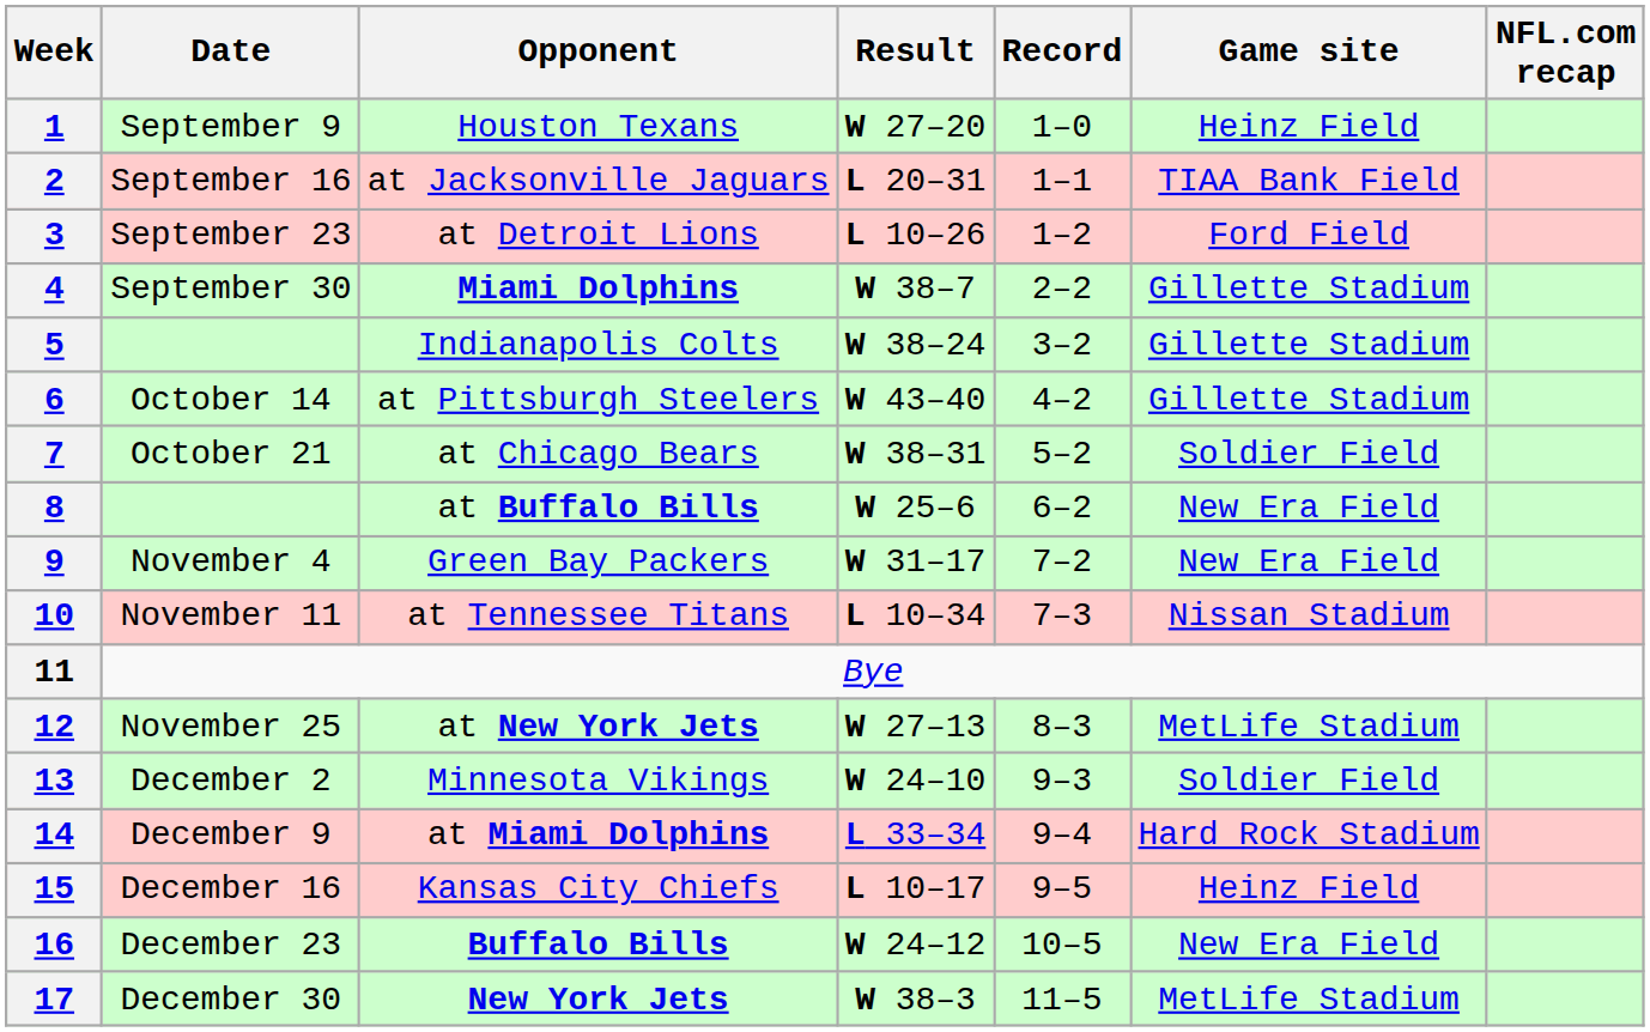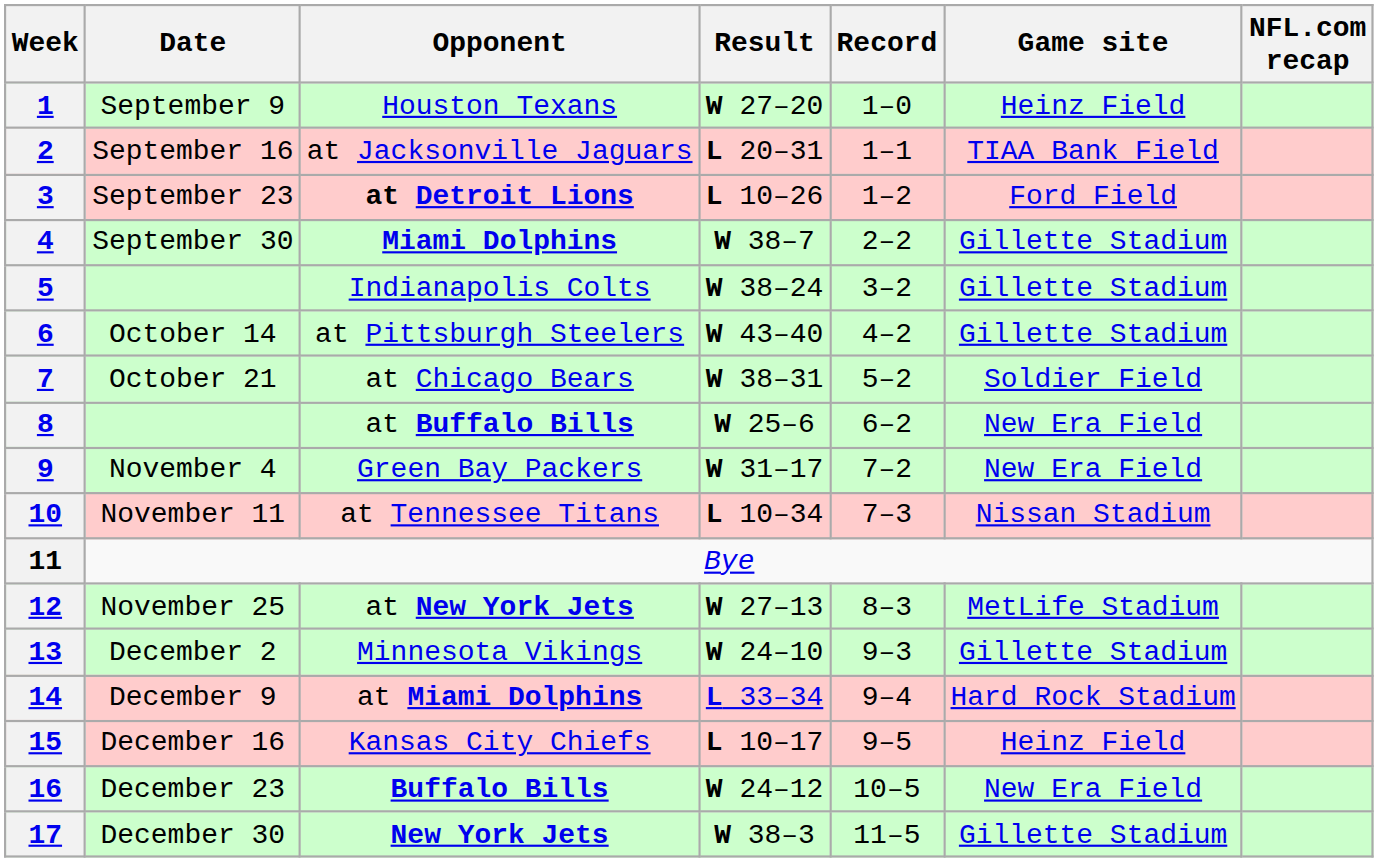 <table class="wikitable" style="text-align:center">
 <tr>
 <th>Week</th>
 <th>Date</th>
 <th>Opponent</th>
 <th>Result</th>
 <th>Record</th>
 <th>Game site</th>
 <th>NFL.com<br>recap</th>
 </tr>
 <tr style="background:#cfc">
 <th><a href='#'>1</a></th>
 <td>September 9</td>
 <td><a href='#'>Houston Texans</a></td>
 <td><strong>W</strong> 27–20</td>
 <td>1–0</td>
 <td><a href='#'>Heinz Field</a></td>
 <td></td>
 </tr>
 <tr style="background:#fcc">
 <th><a href='#'>2</a></th>
 <td>September 16</td>
 <td>at <a href='#'>Jacksonville Jaguars</a></td>
 <td><strong>L</strong> 20–31</td>
 <td>1–1</td>
 <td><a href='#'>TIAA Bank Field</a></td>
 <td></td>
 </tr>
 <tr style="background:#fcc">
 <th><a href='#'>3</a></th>
 <td>September 23</td>
-<td>at <a href='#'>Detroit Lions</a></td>
+<td><strong>at <a href='#'>Detroit Lions</a></strong></td>
 <td><strong>L</strong> 10–26</td>
 <td>1–2</td>
 <td><a href='#'>Ford Field</a></td>
 <td></td>
 </tr>
 <tr style="background:#cfc">
 <th><a href='#'>4</a></th>
 <td>September 30</td>
 <td><strong><a href='#'>Miami Dolphins</a></strong></td>
 <td><strong>W</strong> 38–7</td>
 <td>2–2</td>
 <td><a href='#'>Gillette Stadium</a></td>
 <td></td>
 </tr>
 <tr style="background:#cfc">
 <th><a href='#'>5</a></th>
 <td></td>
 <td><a href='#'>Indianapolis Colts</a></td>
 <td><strong>W</strong> 38–24</td>
 <td>3–2</td>
 <td><a href='#'>Gillette Stadium</a></td>
 <td></td>
 </tr>
 <tr style="background:#cfc">
 <th><a href='#'>6</a></th>
 <td>October 14</td>
 <td>at <a href='#'>Pittsburgh Steelers</a></td>
 <td><strong>W</strong> 43–40</td>
 <td>4–2</td>
 <td><a href='#'>Gillette Stadium</a></td>
 <td></td>
 </tr>
 <tr style="background:#cfc">
 <th><a href='#'>7</a></th>
 <td>October 21</td>
 <td>at <a href='#'>Chicago Bears</a></td>
 <td><strong>W</strong> 38–31</td>
 <td>5–2</td>
 <td><a href='#'>Soldier Field</a></td>
 <td></td>
 </tr>
 <tr style="background:#cfc">
 <th><a href='#'>8</a></th>
 <td></td>
 <td>at <strong><a href='#'>Buffalo Bills</a></strong></td>
 <td><strong>W</strong> 25–6</td>
 <td>6–2</td>
 <td><a href='#'>New Era Field</a></td>
 <td></td>
 </tr>
 <tr style="background:#cfc">
 <th><a href='#'>9</a></th>
 <td>November 4</td>
 <td><a href='#'>Green Bay Packers</a></td>
 <td><strong>W</strong> 31–17</td>
 <td>7–2</td>
 <td><a href='#'>New Era Field</a></td>
 <td></td>
 </tr>
 <tr style="background:#fcc">
 <th><a href='#'>10</a></th>
 <td>November 11</td>
 <td>at <a href='#'>Tennessee Titans</a></td>
 <td><strong>L</strong> 10–34</td>
 <td>7–3</td>
 <td><a href='#'>Nissan Stadium</a></td>
 <td></td>
 </tr>
 <tr>
 <th>11</th>
 <td colspan=6><em><a href='#'>Bye</a></em></td>
 </tr>
 <tr style="background:#cfc">
 <th><a href='#'>12</a></th>
 <td>November 25</td>
 <td>at <strong><a href='#'>New York Jets</a></strong></td>
 <td><strong>W</strong> 27–13</td>
 <td>8–3</td>
 <td><a href='#'>MetLife Stadium</a></td>
 <td></td>
 </tr>
 <tr style="background:#cfc">
 <th><a href='#'>13</a></th>
 <td>December 2</td>
 <td><a href='#'>Minnesota Vikings</a></td>
 <td><strong>W</strong> 24–10</td>
 <td>9–3</td>
-<td><a href='#'>Soldier Field</a></td>
+<td><a href='#'>Gillette Stadium</a></td>
 <td></td>
 </tr>
 <tr style="background:#fcc">
 <th><a href='#'>14</a></th>
 <td>December 9</td>
 <td>at <strong><a href='#'>Miami Dolphins</a></strong></td>
 <td><a href='#'><strong>L</strong> 33–34</a></td>
 <td>9–4</td>
 <td><a href='#'>Hard Rock Stadium</a></td>
 <td></td>
 </tr>
 <tr style="background:#fcc">
 <th><a href='#'>15</a></th>
 <td>December 16</td>
 <td><a href='#'>Kansas City Chiefs</a></td>
 <td><strong>L</strong> 10–17</td>
 <td>9–5</td>
 <td><a href='#'>Heinz Field</a></td>
 <td></td>
 </tr>
 <tr style="background:#cfc">
 <th><a href='#'>16</a></th>
 <td>December 23</td>
 <td><strong><a href='#'>Buffalo Bills</a></strong></td>
 <td><strong>W</strong> 24–12</td>
 <td>10–5</td>
 <td><a href='#'>New Era Field</a></td>
 <td></td>
 </tr>
 <tr style="background:#cfc">
 <th><a href='#'>17</a></th>
 <td>December 30</td>
 <td><strong><a href='#'>New York Jets</a></strong></td>
 <td><strong>W</strong> 38–3</td>
 <td>11–5</td>
-<td><a href='#'>MetLife Stadium</a></td>
+<td><a href='#'>Gillette Stadium</a></td>
 <td></td>
 </tr>
 </table>
